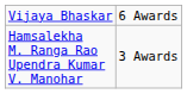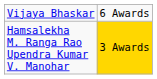 <table class="wikitable sortable">
 <tr>
 <td><a href='#'>Vijaya Bhaskar</a></td>
 <td>6 Awards</td>
 </tr>
 <tr>
 <td><a href='#'>Hamsalekha</a><br><a href='#'>M. Ranga Rao</a><br><a href='#'>Upendra Kumar</a><br><a href='#'>V. Manohar</a></td>
-<td>3 Awards</td>
+<td style="background: gold;">3 Awards</td>
 </tr>
 </table>
